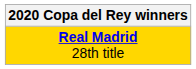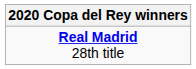 <table class=wikitable style="text-align:center; margin:auto">
 <tr>
 <th>2020 Copa del Rey winners</th>
 </tr>
 <tr>
-<td style="background: gold;"><strong><a href='#'>Real Madrid</a></strong><br>28th title</td>
+<td><strong><a href='#'>Real Madrid</a></strong><br>28th title</td>
 </tr>
 </table>
